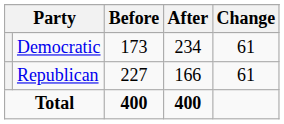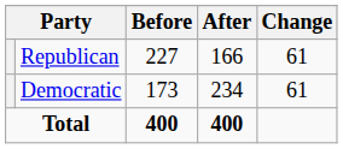 <table class="wikitable" style="text-align:center;">
 <tr>
 </tr>
 <tr>
 <th colspan=2>Party</th>
 <th>Before</th>
 <th>After</th>
 <th>Change</th>
 </tr>
 <tr>
 <th style="background-color:"></th>
-<td style="text-align:left;"><a href='#'>Democratic</a></td>
-<td>173</td>
-<td>234</td>
+<td style="text-align:left;"><a href='#'>Republican</a></td>
+<td>227</td>
+<td>166</td>
 <td> 61</td>
 </tr>
 <tr>
 <th style="background-color:"></th>
-<td style="text-align:left;"><a href='#'>Republican</a></td>
-<td>227</td>
-<td>166</td>
+<td style="text-align:left;"><a href='#'>Democratic</a></td>
+<td>173</td>
+<td>234</td>
 <td> 61</td>
 </tr>
 <tr>
 <td colspan=2><strong>Total</strong></td>
 <td><strong>400</strong></td>
 <td><strong>400</strong></td>
 <td></td>
 </tr>
 </table>
